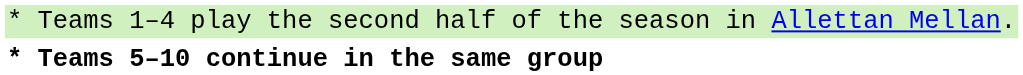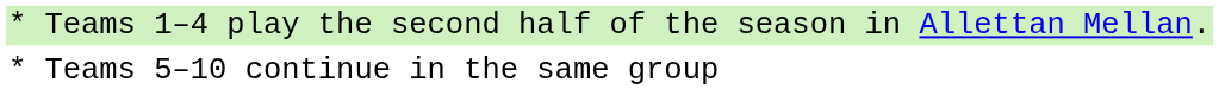 <table>
 <tr style="background: #D0F0C0;">
 <td>* Teams 1–4 play the second half of the season in <a href='#'>Allettan Mellan</a>.</td>
 </tr>
 <tr>
-<td><strong>* Teams 5–10 continue in the same group</strong></td>
+<td>* Teams 5–10 continue in the same group</td>
 </tr>
 </table>
